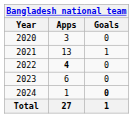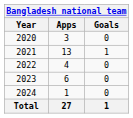 <table class=wikitable style=text-align:center>
 <tr>
 <th colspan=3><a href='#'>Bangladesh national team</a></th>
 </tr>
 <tr>
 <th>Year</th>
 <th>Apps</th>
 <th>Goals</th>
 </tr>
 <tr>
 <td>2020</td>
 <td>3</td>
 <td>0</td>
 </tr>
 <tr>
 <td>2021</td>
 <td>13</td>
 <td>1</td>
 </tr>
 <tr>
 <td>2022</td>
-<td><strong>4</strong></td>
+<td>4</td>
 <td>0</td>
 </tr>
 <tr>
 <td>2023</td>
 <td>6</td>
 <td>0</td>
 </tr>
 <tr>
 <td>2024</td>
 <td>1</td>
-<td><strong>0</strong></td>
+<td>0</td>
 </tr>
 <tr>
 <th colspan=1>Total</th>
 <th>27</th>
 <th>1</th>
 </tr>
 </table>
